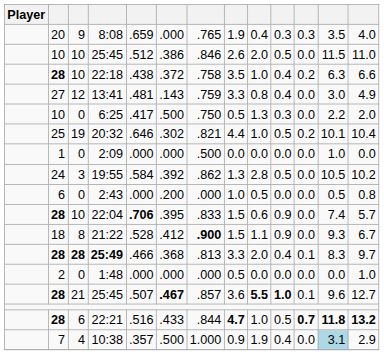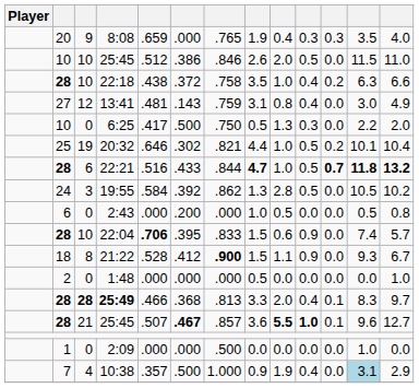 <table class="wikitable sortable" style="font-size:95%; text-align:right;">
 <tr>
 <th>Player</th>
 <th></th>
 <th></th>
 <th></th>
 <th></th>
 <th></th>
 <th></th>
 <th></th>
 <th></th>
 <th></th>
 <th></th>
 <th></th>
 <th></th>
 </tr>
 <tr>
 <td><strong></strong></td>
 <td>20</td>
 <td>9</td>
 <td>8:08</td>
 <td>.659</td>
 <td>.000</td>
 <td>.765</td>
 <td>1.9</td>
 <td>0.4</td>
 <td>0.3</td>
 <td>0.3</td>
 <td>3.5</td>
 <td>4.0</td>
 </tr>
 <tr>
 <td><strong></strong></td>
 <td>10</td>
 <td>10</td>
 <td>25:45</td>
 <td>.512</td>
 <td>.386</td>
 <td>.846</td>
 <td>2.6</td>
 <td>2.0</td>
 <td>0.5</td>
 <td>0.0</td>
 <td>11.5</td>
 <td>11.0</td>
 </tr>
 <tr>
 <td><strong></strong></td>
 <td><strong>28</strong></td>
 <td>10</td>
 <td>22:18</td>
 <td>.438</td>
 <td>.372</td>
 <td>.758</td>
 <td>3.5</td>
 <td>1.0</td>
 <td>0.4</td>
 <td>0.2</td>
 <td>6.3</td>
 <td>6.6</td>
 </tr>
 <tr>
 <td><strong></strong></td>
 <td>27</td>
 <td>12</td>
 <td>13:41</td>
 <td>.481</td>
 <td>.143</td>
 <td>.759</td>
-<td>3.3</td>
+<td>3.1</td>
 <td>0.8</td>
 <td>0.4</td>
 <td>0.0</td>
 <td>3.0</td>
 <td>4.9</td>
 </tr>
 <tr>
 <td><strong></strong></td>
 <td>10</td>
 <td>0</td>
 <td>6:25</td>
 <td>.417</td>
 <td>.500</td>
 <td>.750</td>
 <td>0.5</td>
 <td>1.3</td>
 <td>0.3</td>
 <td>0.0</td>
 <td>2.2</td>
 <td>2.0</td>
 </tr>
 <tr>
 <td><strong></strong></td>
 <td>25</td>
 <td>19</td>
 <td>20:32</td>
 <td>.646</td>
 <td>.302</td>
 <td>.821</td>
 <td>4.4</td>
 <td>1.0</td>
 <td>0.5</td>
 <td>0.2</td>
 <td>10.1</td>
 <td>10.4</td>
 </tr>
 <tr>
-<td><em></em></td>
-<td>1</td>
-<td>0</td>
-<td>2:09</td>
-<td>.000</td>
-<td>.000</td>
-<td>.500</td>
-<td>0.0</td>
-<td>0.0</td>
-<td>0.0</td>
-<td>0.0</td>
+<td><strong></strong></td>
+<td><strong>28</strong></td>
+<td>6</td>
+<td>22:21</td>
+<td>.516</td>
+<td>.433</td>
+<td>.844</td>
+<td><strong>4.7</strong></td>
 <td>1.0</td>
-<td>0.0</td>
+<td>0.5</td>
+<td><strong>0.7</strong></td>
+<td><strong>11.8</strong></td>
+<td><strong>13.2</strong></td>
 </tr>
 <tr>
 <td><strong></strong></td>
 <td>24</td>
 <td>3</td>
 <td>19:55</td>
 <td>.584</td>
 <td>.392</td>
 <td>.862</td>
 <td>1.3</td>
 <td>2.8</td>
 <td>0.5</td>
 <td>0.0</td>
 <td>10.5</td>
 <td>10.2</td>
 </tr>
 <tr>
 <td><strong></strong></td>
 <td>6</td>
 <td>0</td>
 <td>2:43</td>
 <td>.000</td>
 <td>.200</td>
 <td>.000</td>
 <td>1.0</td>
 <td>0.5</td>
 <td>0.0</td>
 <td>0.0</td>
 <td>0.5</td>
 <td>0.8</td>
 </tr>
 <tr>
 <td><strong></strong></td>
 <td><strong>28</strong></td>
 <td>10</td>
 <td>22:04</td>
 <td><strong>.706</strong></td>
 <td>.395</td>
 <td>.833</td>
 <td>1.5</td>
 <td>0.6</td>
 <td>0.9</td>
 <td>0.0</td>
 <td>7.4</td>
 <td>5.7</td>
 </tr>
 <tr>
 <td><strong></strong></td>
 <td>18</td>
 <td>8</td>
 <td>21:22</td>
 <td>.528</td>
 <td>.412</td>
 <td><strong>.900</strong></td>
 <td>1.5</td>
 <td>1.1</td>
 <td>0.9</td>
 <td>0.0</td>
 <td>9.3</td>
 <td>6.7</td>
 </tr>
 <tr>
 <td><strong></strong></td>
+<td>2</td>
+<td>0</td>
+<td>1:48</td>
+<td>.000</td>
+<td>.000</td>
+<td>.000</td>
+<td>0.5</td>
+<td>0.0</td>
+<td>0.0</td>
+<td>0.0</td>
+<td>0.0</td>
+<td>1.0</td>
+</tr>
+<tr>
+<td><strong></strong></td>
 <td><strong>28</strong></td>
 <td><strong>28</strong></td>
 <td><strong>25:49</strong></td>
 <td>.466</td>
 <td>.368</td>
 <td>.813</td>
 <td>3.3</td>
 <td>2.0</td>
 <td>0.4</td>
 <td>0.1</td>
 <td>8.3</td>
 <td>9.7</td>
-</tr>
-<tr>
-<td><strong></strong></td>
-<td>2</td>
-<td>0</td>
-<td>1:48</td>
-<td>.000</td>
-<td>.000</td>
-<td>.000</td>
-<td>0.5</td>
-<td>0.0</td>
-<td>0.0</td>
-<td>0.0</td>
-<td>0.0</td>
-<td>1.0</td>
 </tr>
 <tr>
 <td><strong></strong></td>
 <td><strong>28</strong></td>
 <td>21</td>
 <td>25:45</td>
 <td>.507</td>
 <td><strong>.467</strong></td>
 <td>.857</td>
 <td>3.6</td>
 <td><strong>5.5</strong></td>
 <td><strong>1.0</strong></td>
 <td>0.1</td>
 <td>9.6</td>
 <td>12.7</td>
 </tr>
 <tr class="sortbottom">
 <td colspan=13></td>
 </tr>
 <tr>
-<td><strong></strong></td>
-<td><strong>28</strong></td>
-<td>6</td>
-<td>22:21</td>
-<td>.516</td>
-<td>.433</td>
-<td>.844</td>
-<td><strong>4.7</strong></td>
+<td><em></em></td>
+<td>1</td>
+<td>0</td>
+<td>2:09</td>
+<td>.000</td>
+<td>.000</td>
+<td>.500</td>
+<td>0.0</td>
+<td>0.0</td>
+<td>0.0</td>
+<td>0.0</td>
 <td>1.0</td>
-<td>0.5</td>
-<td><strong>0.7</strong></td>
-<td><strong>11.8</strong></td>
-<td><strong>13.2</strong></td>
+<td>0.0</td>
 </tr>
 <tr>
 <td><em></em></td>
 <td>7</td>
 <td>4</td>
 <td>10:38</td>
 <td>.357</td>
 <td>.500</td>
 <td>1.000</td>
 <td>0.9</td>
 <td>1.9</td>
 <td>0.4</td>
 <td>0.0</td>
 <td style="background: lightblue;">3.1</td>
 <td>2.9</td>
 </tr>
 <tr>
 </tr>
 </table>
